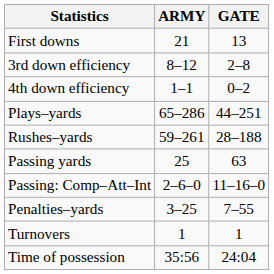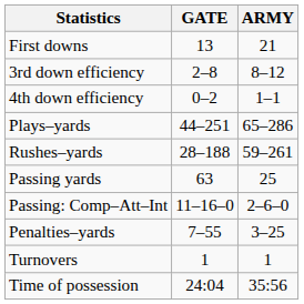 <table class="wikitable">
 <tr>
 <th>Statistics</th>
+<th>GATE</th>
 <th>ARMY</th>
-<th>GATE</th>
 </tr>
 <tr>
 <td>First downs</td>
+<td align=center>13</td>
 <td align=center>21</td>
-<td align=center>13</td>
 </tr>
 <tr>
 <td>3rd down efficiency</td>
+<td align=center>2–8</td>
 <td align=center>8–12</td>
-<td align=center>2–8</td>
 </tr>
 <tr>
 <td>4th down efficiency</td>
+<td align=center>0–2</td>
 <td align=center>1–1</td>
-<td align=center>0–2</td>
 </tr>
 <tr>
 <td>Plays–yards</td>
+<td align=center>44–251</td>
 <td align=center>65–286</td>
-<td align=center>44–251</td>
 </tr>
 <tr>
 <td>Rushes–yards</td>
+<td align=center>28–188</td>
 <td align=center>59–261</td>
-<td align=center>28–188</td>
 </tr>
 <tr>
 <td>Passing yards</td>
+<td align=center>63</td>
 <td align=center>25</td>
-<td align=center>63</td>
 </tr>
 <tr>
 <td>Passing: Comp–Att–Int</td>
+<td align=center>11–16–0</td>
 <td align=center>2–6–0</td>
-<td align=center>11–16–0</td>
 </tr>
 <tr>
 <td>Penalties–yards</td>
+<td align=center>7–55</td>
 <td align=center>3–25</td>
-<td align=center>7–55</td>
 </tr>
 <tr>
 <td>Turnovers</td>
 <td align=center>1</td>
 <td align=center>1</td>
 </tr>
 <tr>
 <td>Time of possession</td>
+<td align=center>24:04</td>
 <td align=center>35:56</td>
-<td align=center>24:04</td>
 </tr>
 </table>
